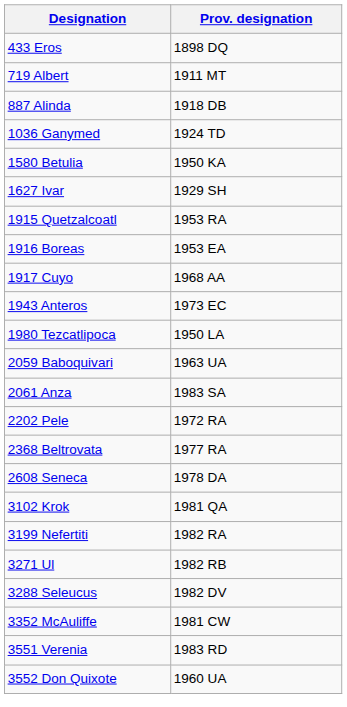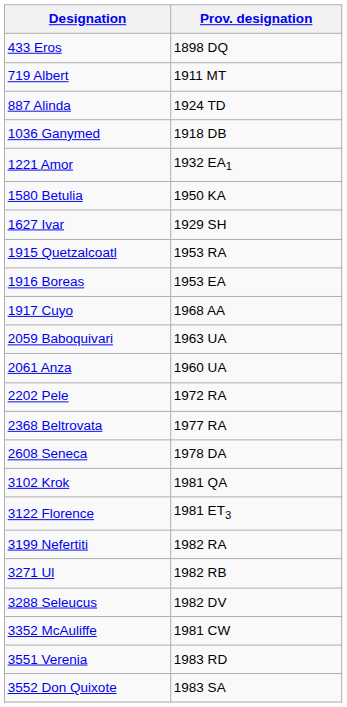 <table class="wikitable" style="font-size: 89%; float: left; width: 25em; margin-right: 1em; line-height: 1.65em !important; height: 675px;">
 <tr>
 <th align=left><a href='#'>Designation</a></th>
 <th align=left><a href='#'>Prov. designation</a></th>
 </tr>
 <tr>
 <td><a href='#'>433 Eros</a></td>
 <td>1898 DQ</td>
 </tr>
 <tr>
 <td><a href='#'>719 Albert</a></td>
 <td>1911 MT</td>
 </tr>
 <tr>
 <td><a href='#'>887 Alinda</a></td>
+<td>1924 TD</td>
+</tr>
+<tr>
+<td><a href='#'>1036 Ganymed</a></td>
 <td>1918 DB</td>
 </tr>
 <tr>
-<td><a href='#'>1036 Ganymed</a></td>
-<td>1924 TD</td>
+<td><a href='#'>1221 Amor</a></td>
+<td>1932 EA<sub>1</sub></td>
 </tr>
 <tr>
 <td><a href='#'>1580 Betulia</a></td>
 <td>1950 KA</td>
 </tr>
 <tr>
 <td><a href='#'>1627 Ivar</a></td>
 <td>1929 SH</td>
 </tr>
 <tr>
 <td><a href='#'>1915 Quetzalcoatl</a></td>
 <td>1953 RA</td>
 </tr>
 <tr>
 <td><a href='#'>1916 Boreas</a></td>
 <td>1953 EA</td>
 </tr>
 <tr>
 <td><a href='#'>1917 Cuyo</a></td>
 <td>1968 AA</td>
 </tr>
 <tr>
-<td><a href='#'>1943 Anteros</a></td>
-<td>1973 EC</td>
-</tr>
-<tr>
-<td><a href='#'>1980 Tezcatlipoca</a></td>
-<td>1950 LA</td>
-</tr>
-<tr>
 <td><a href='#'>2059 Baboquivari</a></td>
 <td>1963 UA</td>
 </tr>
 <tr>
 <td><a href='#'>2061 Anza</a></td>
-<td>1983 SA</td>
+<td>1960 UA</td>
 </tr>
 <tr>
 <td><a href='#'>2202 Pele</a></td>
 <td>1972 RA</td>
 </tr>
 <tr>
 <td><a href='#'>2368 Beltrovata</a></td>
 <td>1977 RA</td>
 </tr>
 <tr>
 <td><a href='#'>2608 Seneca</a></td>
 <td>1978 DA</td>
 </tr>
 <tr>
 <td><a href='#'>3102 Krok</a></td>
 <td>1981 QA</td>
+</tr>
+<tr>
+<td><a href='#'>3122 Florence</a></td>
+<td>1981 ET<sub>3</sub></td>
 </tr>
 <tr>
 <td><a href='#'>3199 Nefertiti</a></td>
 <td>1982 RA</td>
 </tr>
 <tr>
 <td><a href='#'>3271 Ul</a></td>
 <td>1982 RB</td>
 </tr>
 <tr>
 <td><a href='#'>3288 Seleucus</a></td>
 <td>1982 DV</td>
 </tr>
 <tr>
 <td><a href='#'>3352 McAuliffe</a></td>
 <td>1981 CW</td>
 </tr>
 <tr>
 <td><a href='#'>3551 Verenia</a></td>
 <td>1983 RD</td>
 </tr>
 <tr>
 <td><a href='#'>3552 Don Quixote</a></td>
-<td>1960 UA</td>
+<td>1983 SA</td>
 </tr>
 </table>
